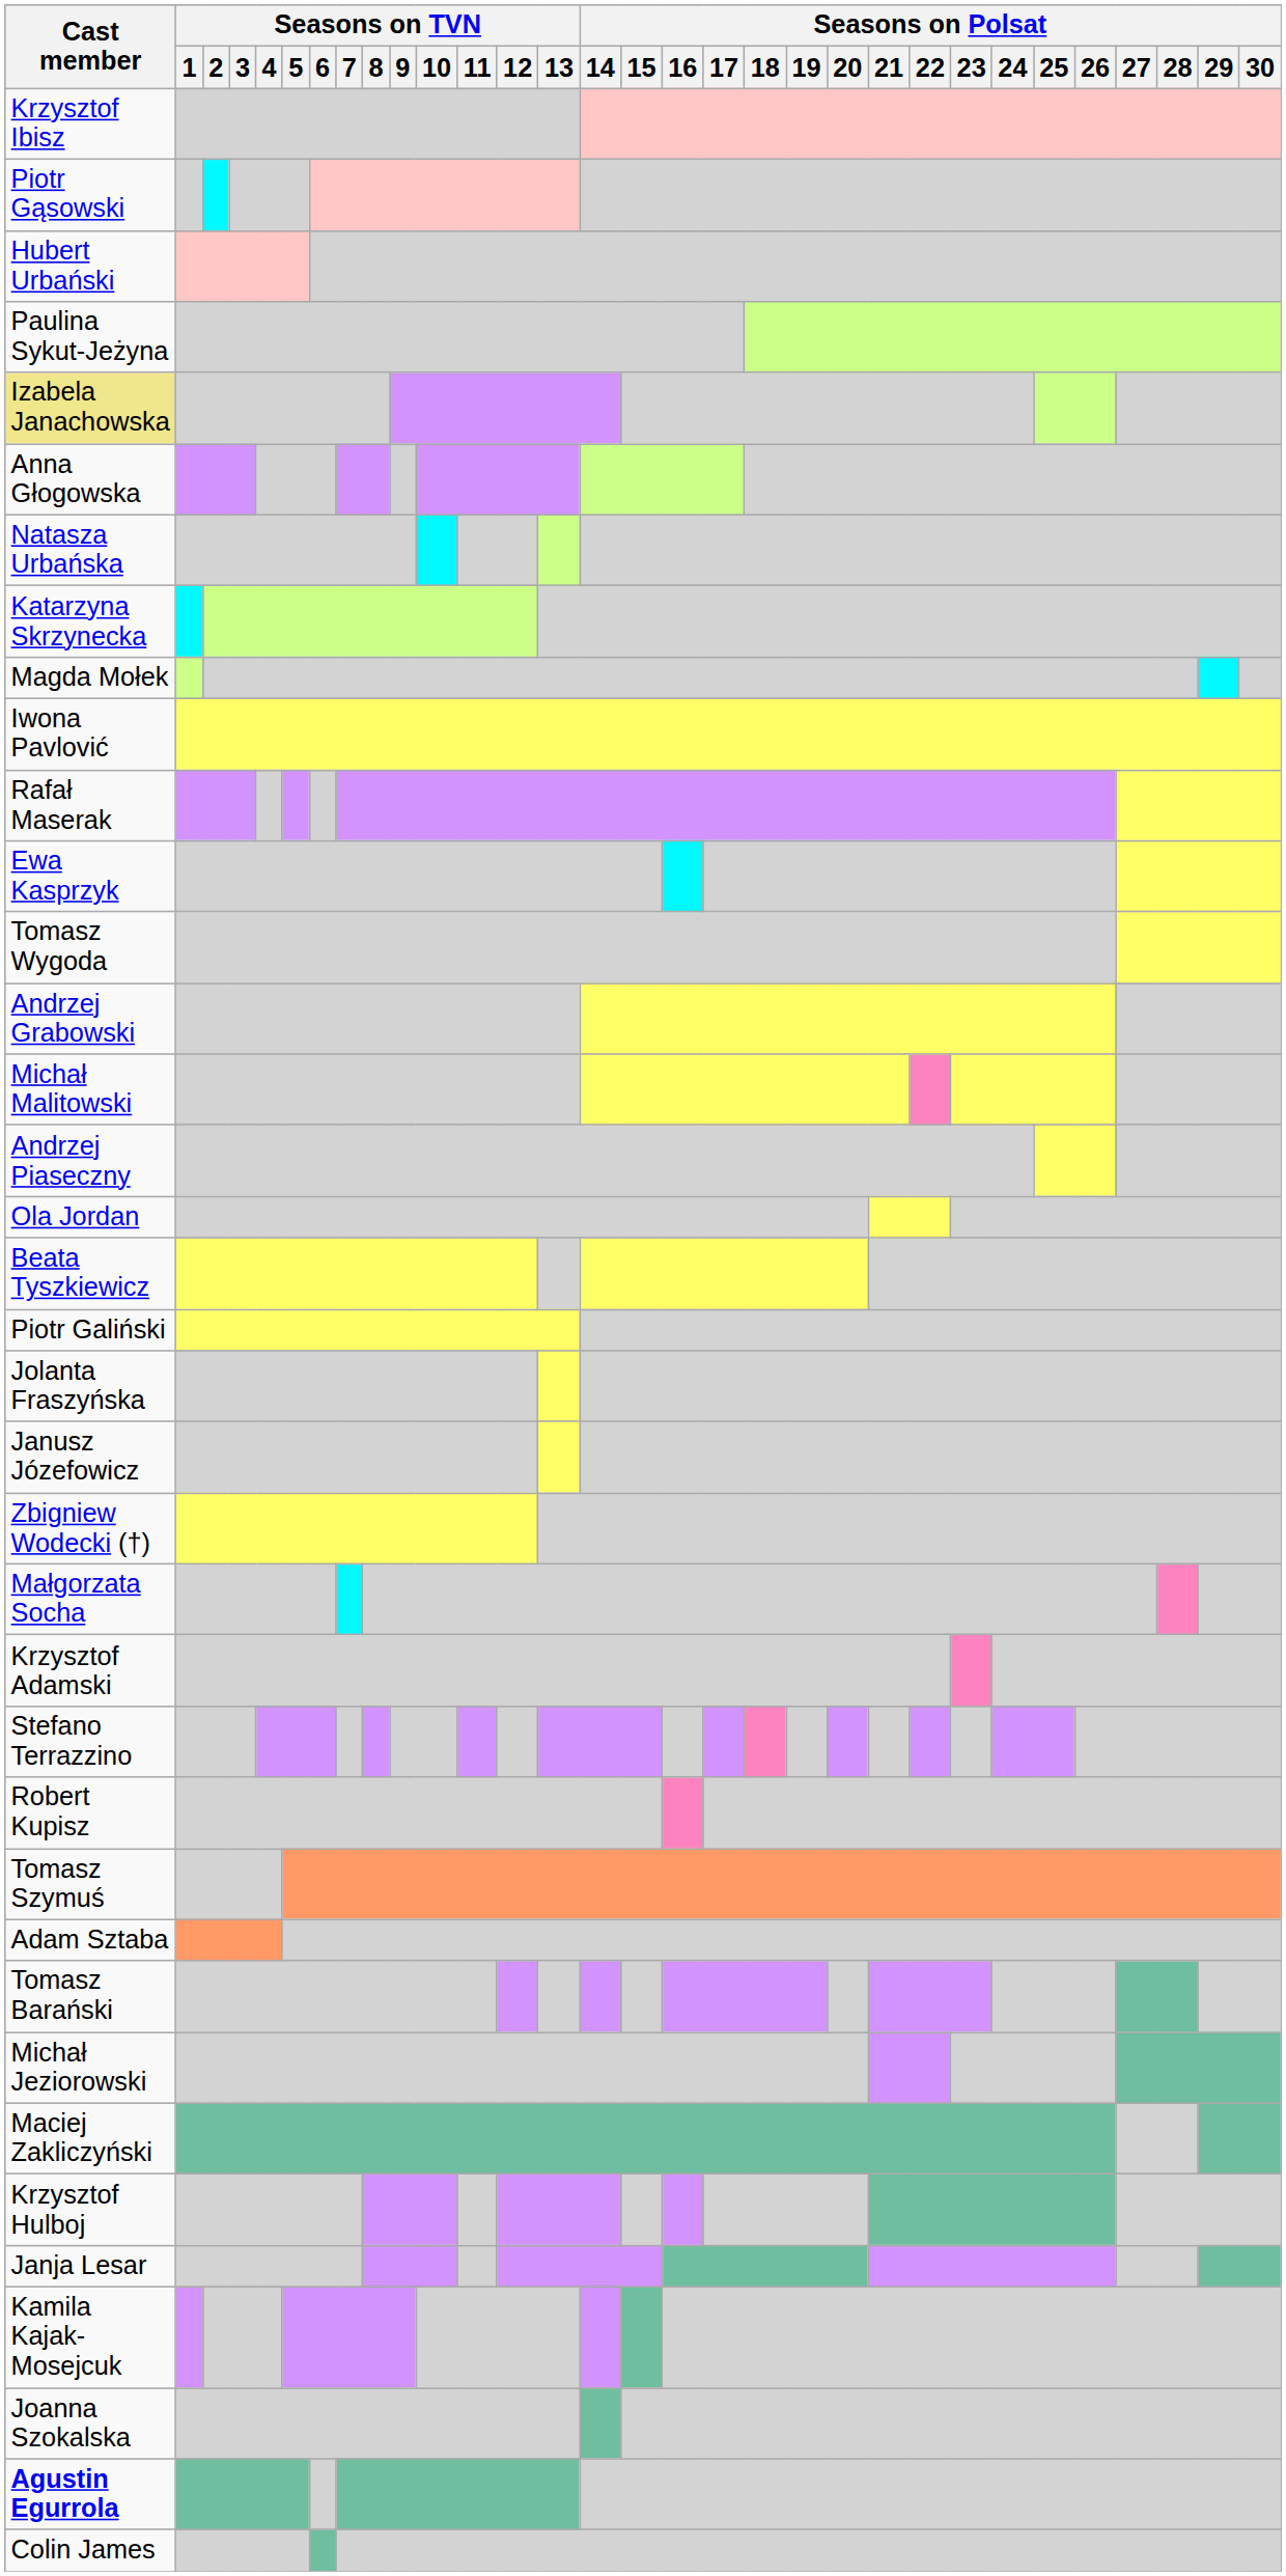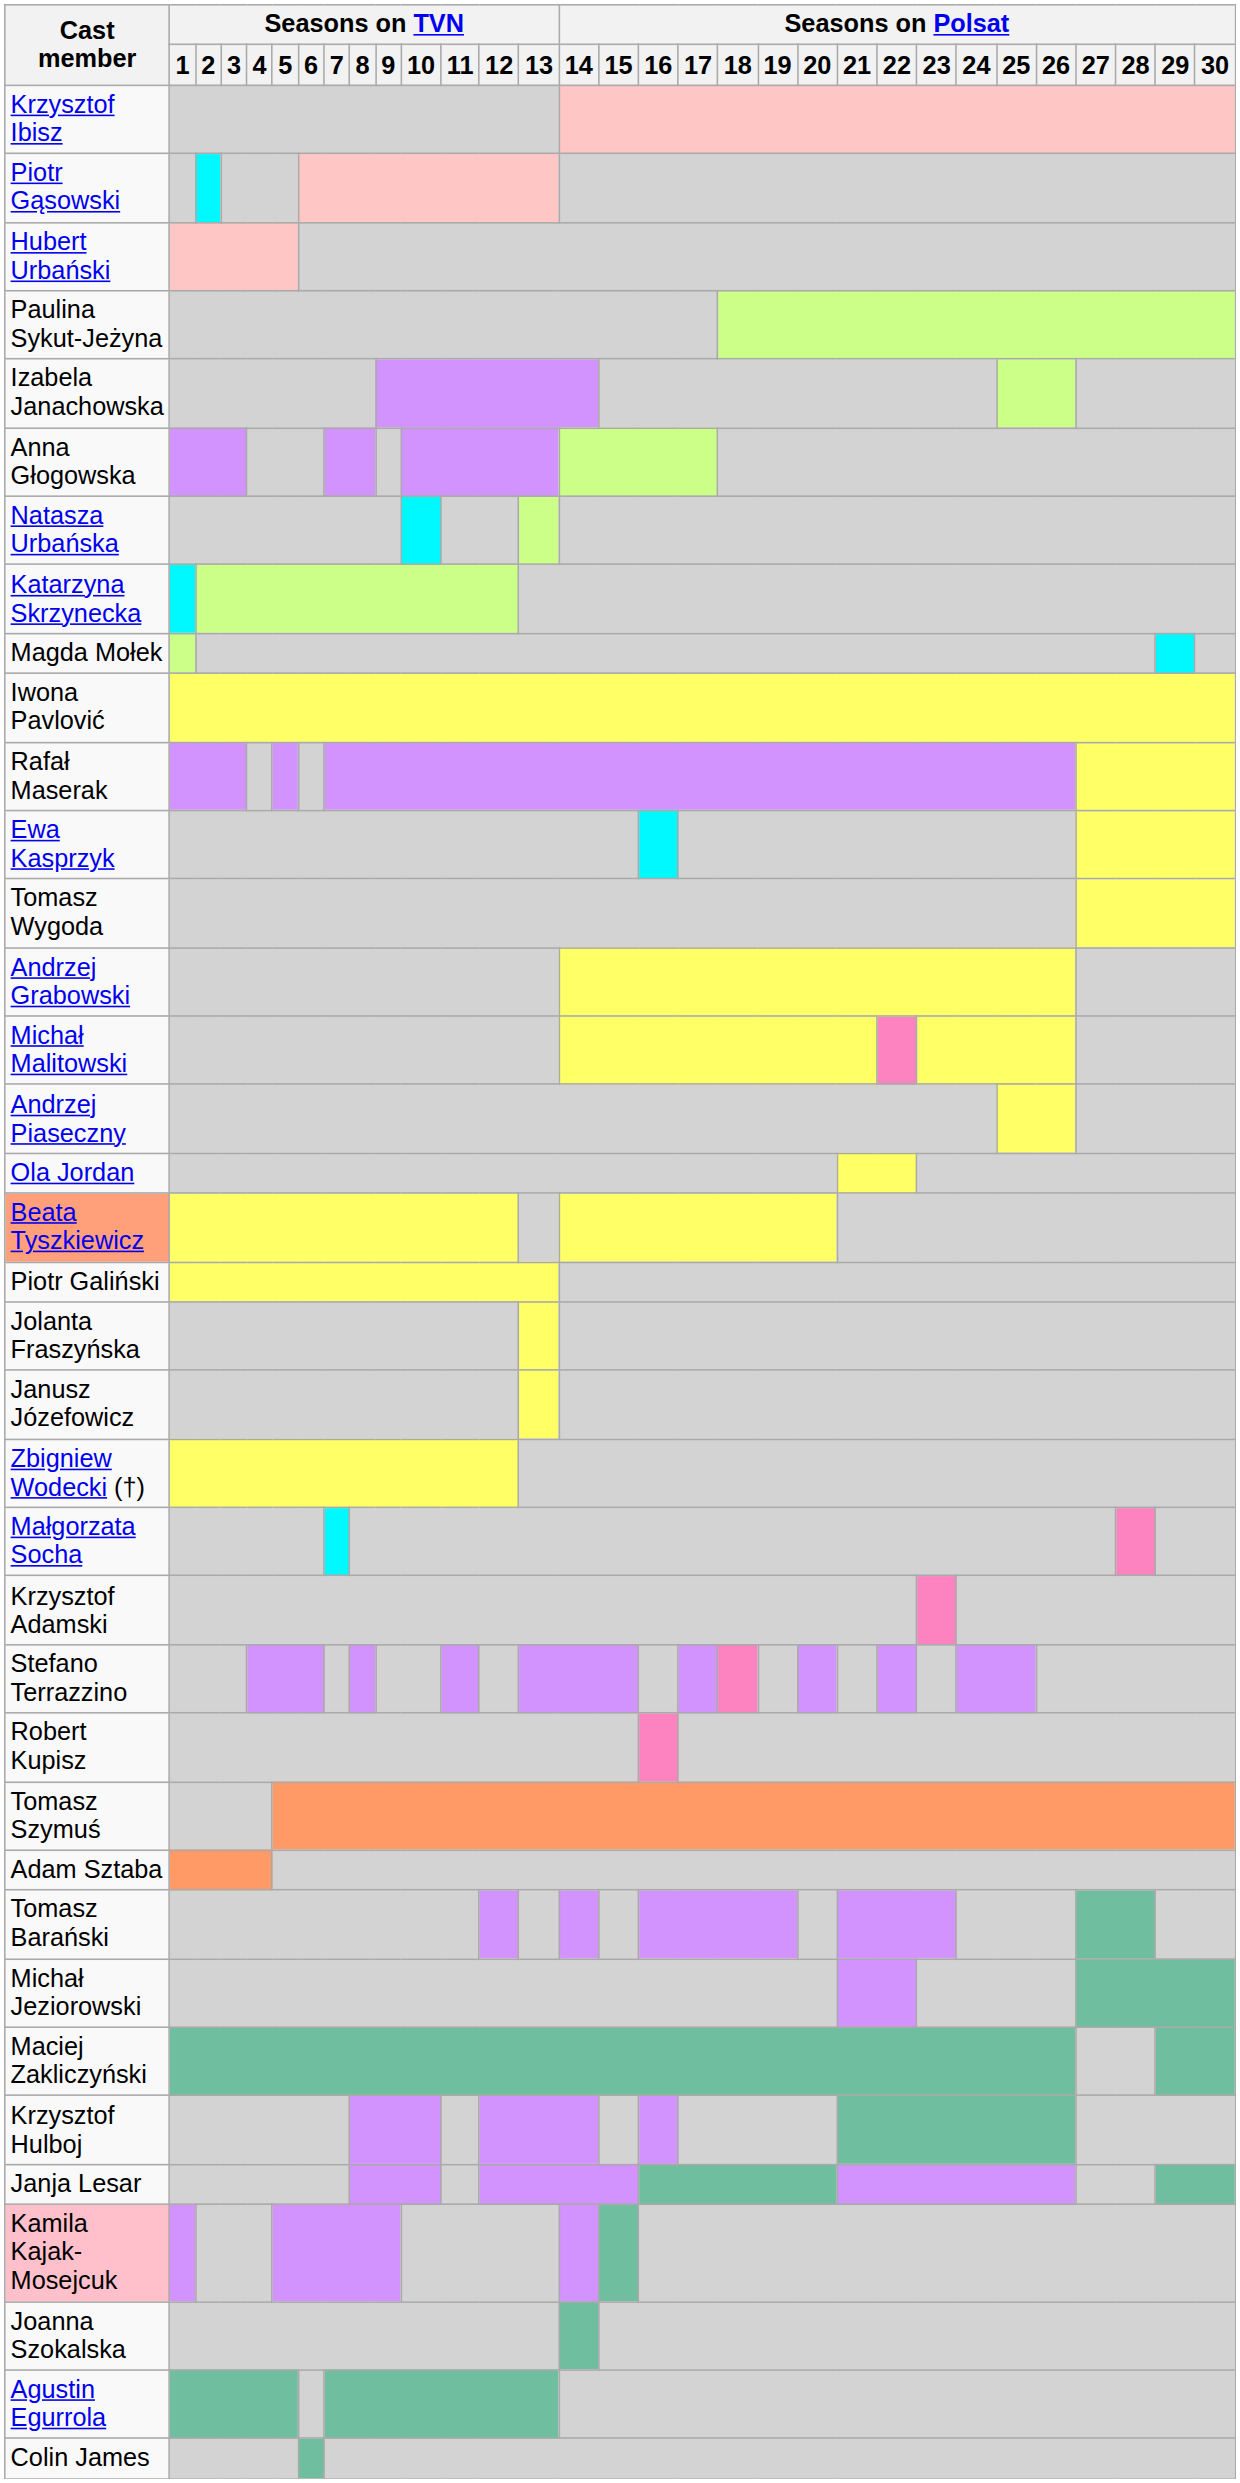 <table class="wikitable" style="margin:left; font-size:100%">
 <tr>
 <th rowspan="2">Cast member</th>
 <th colspan="13">Seasons on <a href='#'>TVN</a></th>
 <th colspan="17">Seasons on <a href='#'>Polsat</a></th>
 </tr>
 <tr>
 <th width="15">1</th>
 <th width="15">2</th>
 <th width="15">3</th>
 <th width="15">4</th>
 <th width="15">5</th>
 <th width="15">6</th>
 <th width="15">7</th>
 <th width="15">8</th>
 <th width="15">9</th>
 <th width="15">10</th>
 <th width="15">11</th>
 <th width="15">12</th>
 <th width="15">13</th>
 <th width="15">14</th>
 <th width="15">15</th>
 <th width="15">16</th>
 <th width="15">17</th>
 <th width="15">18</th>
 <th width="15">19</th>
 <th width="15">20</th>
 <th width="15">21</th>
 <th width="15">22</th>
 <th width="15">23</th>
 <th width="15">24</th>
 <th width="15">25</th>
 <th width="15">26</th>
 <th width="15">27</th>
 <th width="15">28</th>
 <th width="15">29</th>
 <th width="15">30</th>
 </tr>
 <tr>
 <td><a href='#'>Krzysztof Ibisz</a></td>
 <td colspan="13" style="background:lightgrey;"></td>
 <td colspan="17" style="background:#ffc6c6;"></td>
 </tr>
 <tr>
 <td><a href='#'>Piotr Gąsowski</a></td>
 <td colspan="1" style="background:lightgrey;"></td>
 <td style="background:#00f9ff;"></td>
 <td colspan="3" style="background:lightgrey;"></td>
 <td colspan="8" style="background:#ffc6c6;"></td>
 <td colspan="17" style="background:lightgrey;"></td>
 </tr>
 <tr>
 <td><a href='#'>Hubert Urbański</a></td>
 <td colspan="5" style="background:#ffc6c6;"></td>
 <td colspan="25" style="background:lightgrey;"></td>
 </tr>
 <tr>
 <td>Paulina Sykut-Jeżyna</td>
 <td colspan="17" style="background:lightgrey;"></td>
 <td colspan="13" style="background:#ccff88;"></td>
 </tr>
 <tr>
-<td style="background: khaki;">Izabela Janachowska</td>
+<td>Izabela Janachowska</td>
 <td colspan="8" style="background:lightgrey;"></td>
 <td colspan="6" style="background:#d293ff;"></td>
 <td colspan="10" style="background:lightgrey;"></td>
 <td colspan="2" style="background:#ccff88;"></td>
 <td colspan="4" style="background:lightgrey;"></td>
 </tr>
 <tr>
 <td>Anna Głogowska</td>
 <td colspan="3" style="background:#d293ff;"></td>
 <td colspan="3" style="background:lightgrey;"></td>
 <td colspan="2" style="background:#d293ff;"></td>
 <td colspan="1" style="background:lightgrey;"></td>
 <td colspan="4" style="background:#d293ff;"></td>
 <td colspan="4" style="background:#ccff88;"></td>
 <td colspan="13" style="background:lightgrey;"></td>
 </tr>
 <tr>
 <td><a href='#'>Natasza Urbańska</a></td>
 <td colspan="9" style="background:lightgrey;"></td>
 <td style="background:#00f9ff;"></td>
 <td colspan="2" style="background:lightgrey;"></td>
 <td style="background:#ccff88;"></td>
 <td colspan="17" style="background:lightgrey;"></td>
 </tr>
 <tr>
 <td><a href='#'>Katarzyna Skrzynecka</a></td>
 <td style="background:#00f9ff;"></td>
 <td colspan="11" style="background:#ccff88;"></td>
 <td colspan="18" style="background:lightgrey;"></td>
 </tr>
 <tr>
 <td>Magda Mołek</td>
 <td style="background:#ccff88;"></td>
 <td colspan="27" style="background:lightgrey;"></td>
 <td style="background:#00f9ff;"></td>
 <td colspan="1" style="background:lightgrey;"></td>
 </tr>
 <tr>
 <td>Iwona Pavlović</td>
 <td colspan="30" style="background:#FF6;"></td>
 </tr>
 <tr>
 <td>Rafał Maserak</td>
 <td colspan="3" style="background:#d293ff;"></td>
 <td colspan="1" style="background:lightgrey;"></td>
 <td colspan="1" style="background:#d293ff;"></td>
 <td colspan="1" style="background:lightgrey;"></td>
 <td colspan="20" style="background:#d293ff;"></td>
 <td colspan="4" style="background:#FF6;"></td>
 </tr>
 <tr>
 <td><a href='#'>Ewa Kasprzyk</a></td>
 <td colspan="15" style="background:lightgrey;"></td>
 <td style="background:#00f9ff;"></td>
 <td colspan="10" style="background:lightgrey;"></td>
 <td colspan="4" style="background:#FF6;"></td>
 </tr>
 <tr>
 <td>Tomasz Wygoda</td>
 <td colspan="26" style="background:lightgrey;"></td>
 <td colspan="4" style="background:#FF6;"></td>
 </tr>
 <tr>
 <td><a href='#'>Andrzej Grabowski</a></td>
 <td colspan="13" style="background:lightgrey;"></td>
 <td colspan="13" style="background:#FF6;"></td>
 <td colspan="4" style="background:lightgrey;"></td>
 </tr>
 <tr>
 <td><a href='#'>Michał Malitowski</a></td>
 <td colspan="13" style="background:lightgrey;"></td>
 <td colspan="8" style="background:#FF6;"></td>
 <td colspan="1" style="background:#F399;"></td>
 <td colspan="4" style="background:#FF6;"></td>
 <td colspan="4" style="background:lightgrey;"></td>
 </tr>
 <tr>
 <td><a href='#'>Andrzej Piaseczny</a></td>
 <td colspan="24" style="background:lightgrey;"></td>
 <td colspan="2" style="background:#FF6;"></td>
 <td colspan="4" style="background:lightgrey;"></td>
 </tr>
 <tr>
 <td><a href='#'>Ola Jordan</a></td>
 <td colspan="20" style="background:lightgrey;"></td>
 <td colspan="2" style="background:#FF6;"></td>
 <td colspan="8" style="background:lightgrey;"></td>
 </tr>
 <tr>
-<td><a href='#'>Beata Tyszkiewicz</a></td>
+<td style="background: lightsalmon;"><a href='#'>Beata Tyszkiewicz</a></td>
 <td colspan="12" style="background:#FF6;"></td>
 <td colspan="1" style="background:lightgrey;"></td>
 <td colspan="7" style="background:#FF6;"></td>
 <td colspan="10" style="background:lightgrey;"></td>
 </tr>
 <tr>
 <td>Piotr Galiński</td>
 <td colspan="13" style="background:#FF6;"></td>
 <td colspan="17" style="background:lightgrey;"></td>
 </tr>
 <tr>
 <td>Jolanta Fraszyńska</td>
 <td colspan="12" style="background:lightgrey;"></td>
 <td colspan="1" style="background:#FF6;"></td>
 <td colspan="17" style="background:lightgrey;"></td>
 </tr>
 <tr>
 <td>Janusz Józefowicz</td>
 <td colspan="12" style="background:lightgrey;"></td>
 <td colspan="1" style="background:#FF6;"></td>
 <td colspan="17" style="background:lightgrey;"></td>
 </tr>
 <tr>
 <td><a href='#'>Zbigniew Wodecki</a> (†)</td>
 <td colspan="12" style="background:#FF6;"></td>
 <td colspan="18" style="background:lightgrey;"></td>
 </tr>
 <tr>
 <td><a href='#'>Małgorzata Socha</a></td>
 <td colspan="6" style="background:lightgrey;"></td>
 <td style="background:#00f9ff;"></td>
 <td colspan="20" style="background:lightgrey;"></td>
 <td colspan="1" style="background:#F399;"></td>
 <td colspan="2" style="background:lightgrey;"></td>
 </tr>
 <tr>
 <td>Krzysztof Adamski</td>
 <td colspan="22" style="background:lightgrey;"></td>
 <td colspan="1" style="background:#F399;"></td>
 <td colspan="7" style="background:lightgrey;"></td>
 </tr>
 <tr>
 <td>Stefano Terrazzino</td>
 <td colspan="3" style="background:lightgrey;"></td>
 <td colspan="3" style="background:#d293ff;"></td>
 <td colspan="1" style="background:lightgrey;"></td>
 <td colspan="1" style="background:#d293ff;"></td>
 <td colspan="2" style="background:lightgrey;"></td>
 <td colspan="1" style="background:#d293ff;"></td>
 <td colspan="1" style="background:lightgrey;"></td>
 <td colspan="3" style="background:#d293ff;"></td>
 <td colspan="1" style="background:lightgrey;"></td>
 <td colspan="1" style="background:#d293ff;"></td>
 <td colspan="1" style="background:#F399;"></td>
 <td colspan="1" style="background:lightgrey;"></td>
 <td colspan="1" style="background:#d293ff;"></td>
 <td colspan="1" style="background:lightgrey;"></td>
 <td colspan="1" style="background:#d293ff;"></td>
 <td colspan="1" style="background:lightgrey;"></td>
 <td colspan="2" style="background:#d293ff;"></td>
 <td colspan="5" style="background:lightgrey;"></td>
 </tr>
 <tr>
 <td>Robert Kupisz</td>
 <td colspan="15" style="background:lightgrey;"></td>
 <td colspan="1" style="background:#F399;"></td>
 <td colspan="14" style="background:lightgrey;"></td>
 </tr>
 <tr>
 <td>Tomasz Szymuś</td>
 <td colspan="4" style="background:lightgrey;"></td>
 <td colspan="26" style="background:#F96;"></td>
 </tr>
 <tr>
 <td>Adam Sztaba</td>
 <td colspan="4" style="background:#F96;"></td>
 <td colspan="26" style="background:lightgrey;"></td>
 </tr>
 <tr>
 <td>Tomasz Barański</td>
 <td colspan="11" style="background:lightgrey;"></td>
 <td colspan="1" style="background:#d293ff"></td>
 <td colspan="1" style="background:lightgrey;"></td>
 <td colspan="1" style="background:#d293ff"></td>
 <td colspan="1" style="background:lightgrey;"></td>
 <td colspan="4" style="background:#d293ff"></td>
 <td colspan="1" style="background:lightgrey;"></td>
 <td colspan="3" style="background:#d293ff"></td>
 <td colspan="3" style="background:lightgrey;"></td>
 <td colspan="2" style="background:#6EBE9F"></td>
 <td colspan="2" style="background:lightgrey;"></td>
 </tr>
 <tr>
 <td>Michał Jeziorowski</td>
 <td colspan="20" style="background:lightgrey;"></td>
 <td colspan="2" style="background:#d293ff"></td>
 <td colspan="4" style="background:lightgrey;"></td>
 <td colspan="4" style="background:#6EBE9F"></td>
 </tr>
 <tr>
 <td>Maciej Zakliczyński</td>
 <td colspan="26" style="background:#6EBE9F"></td>
 <td colspan="2" style="background:lightgrey;"></td>
 <td colspan="2" style="background:#6EBE9F"></td>
 </tr>
 <tr>
 <td>Krzysztof Hulboj</td>
 <td colspan="7" style="background:lightgrey;"></td>
 <td colspan="3" style="background:#d293ff"></td>
 <td colspan="1" style="background:lightgrey;"></td>
 <td colspan="3" style="background:#d293ff"></td>
 <td colspan="1" style="background:lightgrey;"></td>
 <td colspan="1" style="background:#d293ff"></td>
 <td colspan="4" style="background:lightgrey;"></td>
 <td colspan="6" style="background:#6EBE9F"></td>
 <td colspan="4" style="background:lightgrey;"></td>
 </tr>
 <tr>
 <td>Janja Lesar</td>
 <td colspan="7" style="background:lightgrey;"></td>
 <td colspan="3" style="background:#d293ff"></td>
 <td colspan="1" style="background:lightgrey;"></td>
 <td colspan="4" style="background:#d293ff"></td>
 <td colspan="5" style="background:#6EBE9F"></td>
 <td colspan="6" style="background:#d293ff"></td>
 <td colspan="2" style="background:lightgrey;"></td>
 <td colspan="2" style="background:#6EBE9F"></td>
 </tr>
 <tr>
-<td>Kamila Kajak-Mosejcuk</td>
+<td style="background: pink;">Kamila Kajak-Mosejcuk</td>
 <td colspan="1" style="background:#d293ff"></td>
 <td colspan="3" style="background:lightgrey;"></td>
 <td colspan="5" style="background:#d293ff"></td>
 <td colspan="4" style="background:lightgrey;"></td>
 <td colspan="1" style="background:#d293ff"></td>
 <td colspan="1" style="background:#6EBE9F"></td>
 <td colspan="15" style="background:lightgrey;"></td>
 </tr>
 <tr>
 <td>Joanna Szokalska</td>
 <td colspan="13" style="background:lightgrey;"></td>
 <td colspan="1" style="background:#6EBE9F"></td>
 <td colspan="16" style="background:lightgrey;"></td>
 </tr>
 <tr>
-<td><strong><a href='#'>Agustin Egurrola</a></strong></td>
+<td><a href='#'>Agustin Egurrola</a></td>
 <td colspan="5" style="background:#6EBE9F"></td>
 <td colspan="1" style="background:lightgrey;"></td>
 <td colspan="7" style="background:#6EBE9F"></td>
 <td colspan="17" style="background:lightgrey;"></td>
 </tr>
 <tr>
 <td>Colin James</td>
 <td colspan="5" style="background:lightgrey;"></td>
 <td colspan="1" style="background:#6EBE9F"></td>
 <td colspan="24" style="background:lightgrey;"></td>
 </tr>
 </table>
